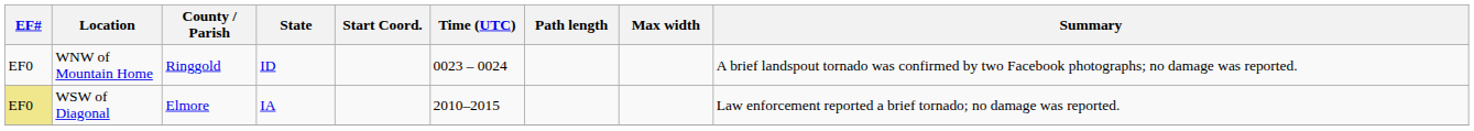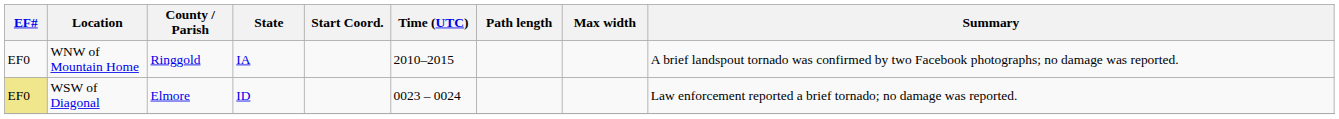 <table class="wikitable sortable" style="width:100%;">
 <tr>
 <th scope="col" width="3%" align="center"><a href='#'>EF#</a></th>
 <th scope="col" width="7%" align="center" class="unsortable">Location</th>
 <th scope="col" width="6%" align="center" class="unsortable">County / Parish</th>
 <th scope="col" width="5%" align="center">State</th>
 <th scope="col" width="6%" align="center">Start Coord.</th>
 <th scope="col" width="6%" align="center">Time (<a href='#'>UTC</a>)</th>
 <th scope="col" width="6%" align="center">Path length</th>
 <th scope="col" width="6%" align="center">Max width</th>
 <th scope="col" width="48%" class="unsortable" align="center">Summary</th>
 </tr>
 <tr>
 <td>EF0</td>
 <td>WNW of <a href='#'>Mountain Home</a></td>
 <td><a href='#'>Ringgold</a></td>
-<td><a href='#'>ID</a></td>
+<td><a href='#'>IA</a></td>
 <td></td>
-<td>0023 – 0024</td>
+<td>2010–2015</td>
 <td></td>
 <td></td>
 <td>A brief landspout tornado was confirmed by two Facebook photographs; no damage was reported.</td>
 </tr>
 <tr>
 <td style="background: khaki;">EF0</td>
 <td>WSW of <a href='#'>Diagonal</a></td>
 <td><a href='#'>Elmore</a></td>
-<td><a href='#'>IA</a></td>
+<td><a href='#'>ID</a></td>
 <td></td>
-<td>2010–2015</td>
+<td>0023 – 0024</td>
 <td></td>
 <td></td>
 <td>Law enforcement reported a brief tornado; no damage was reported.</td>
 </tr>
 <tr>
 </tr>
 </table>
